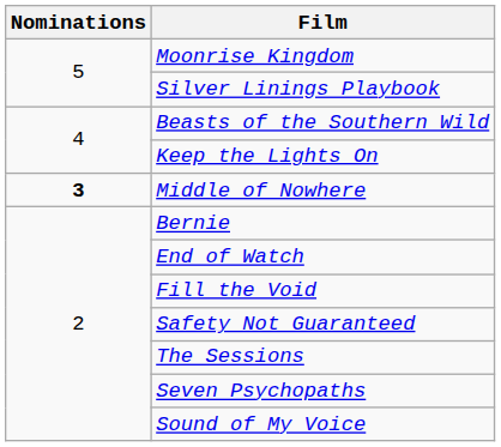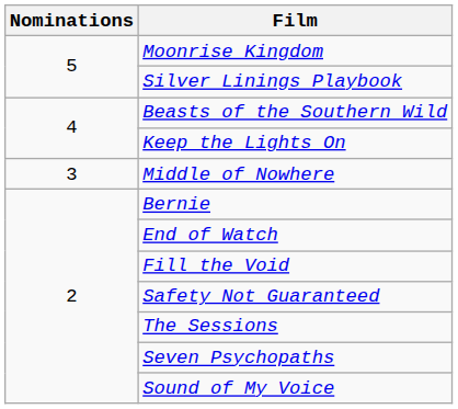 <table class="wikitable">
 <tr>
 <th>Nominations</th>
 <th>Film</th>
 </tr>
 <tr>
 <td rowspan="2" style="text-align:center;">5</td>
 <td><em><a href='#'>Moonrise Kingdom</a></em></td>
 </tr>
 <tr>
 <td><em><a href='#'>Silver Linings Playbook</a></em></td>
 </tr>
 <tr>
 <td rowspan="2" style="text-align:center;">4</td>
 <td><em><a href='#'>Beasts of the Southern Wild</a></em></td>
 </tr>
 <tr>
 <td><em><a href='#'>Keep the Lights On</a></em></td>
 </tr>
 <tr>
-<td style="text-align:center;"><strong>3</strong></td>
+<td style="text-align:center;">3</td>
 <td><em><a href='#'>Middle of Nowhere</a></em></td>
 </tr>
 <tr>
 <td rowspan="7" style="text-align:center;">2</td>
 <td><em><a href='#'>Bernie</a></em></td>
 </tr>
 <tr>
 <td><em><a href='#'>End of Watch</a></em></td>
 </tr>
 <tr>
 <td><em><a href='#'>Fill the Void</a></em></td>
 </tr>
 <tr>
 <td><em><a href='#'>Safety Not Guaranteed</a></em></td>
 </tr>
 <tr>
 <td><em><a href='#'>The Sessions</a></em></td>
 </tr>
 <tr>
 <td><em><a href='#'>Seven Psychopaths</a></em></td>
 </tr>
 <tr>
 <td><em><a href='#'>Sound of My Voice</a></em></td>
 </tr>
 </table>
